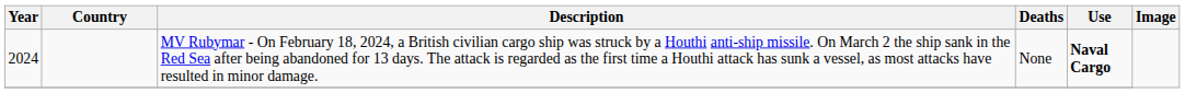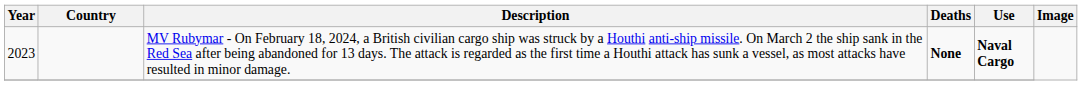 <table class="wikitable sortable" style="display: inline-table;">
 <tr>
 <th data-sort-type="number">Year</th>
 <th width=115px>Country</th>
 <th>Description</th>
 <th data-sort-type="number">Deaths</th>
 <th>Use</th>
 <th class="unsortable">Image</th>
 </tr>
 <tr>
-<td>2024</td>
+<td>2023</td>
 <td></td>
 <td><a href='#'>MV Rubymar</a> - On February 18, 2024,  a British civilian cargo ship was struck by a <a href='#'>Houthi</a> <a href='#'>anti-ship missile</a>. On March 2 the ship sank in the <a href='#'>Red Sea</a> after being abandoned for 13 days. The attack is regarded as the first time a Houthi attack has sunk a vessel, as most attacks have resulted in minor damage.</td>
-<td>None</td>
+<td><strong>None</strong></td>
 <td><strong>Naval Cargo</strong></td>
 </tr>
 <tr>
 </tr>
 </table>
